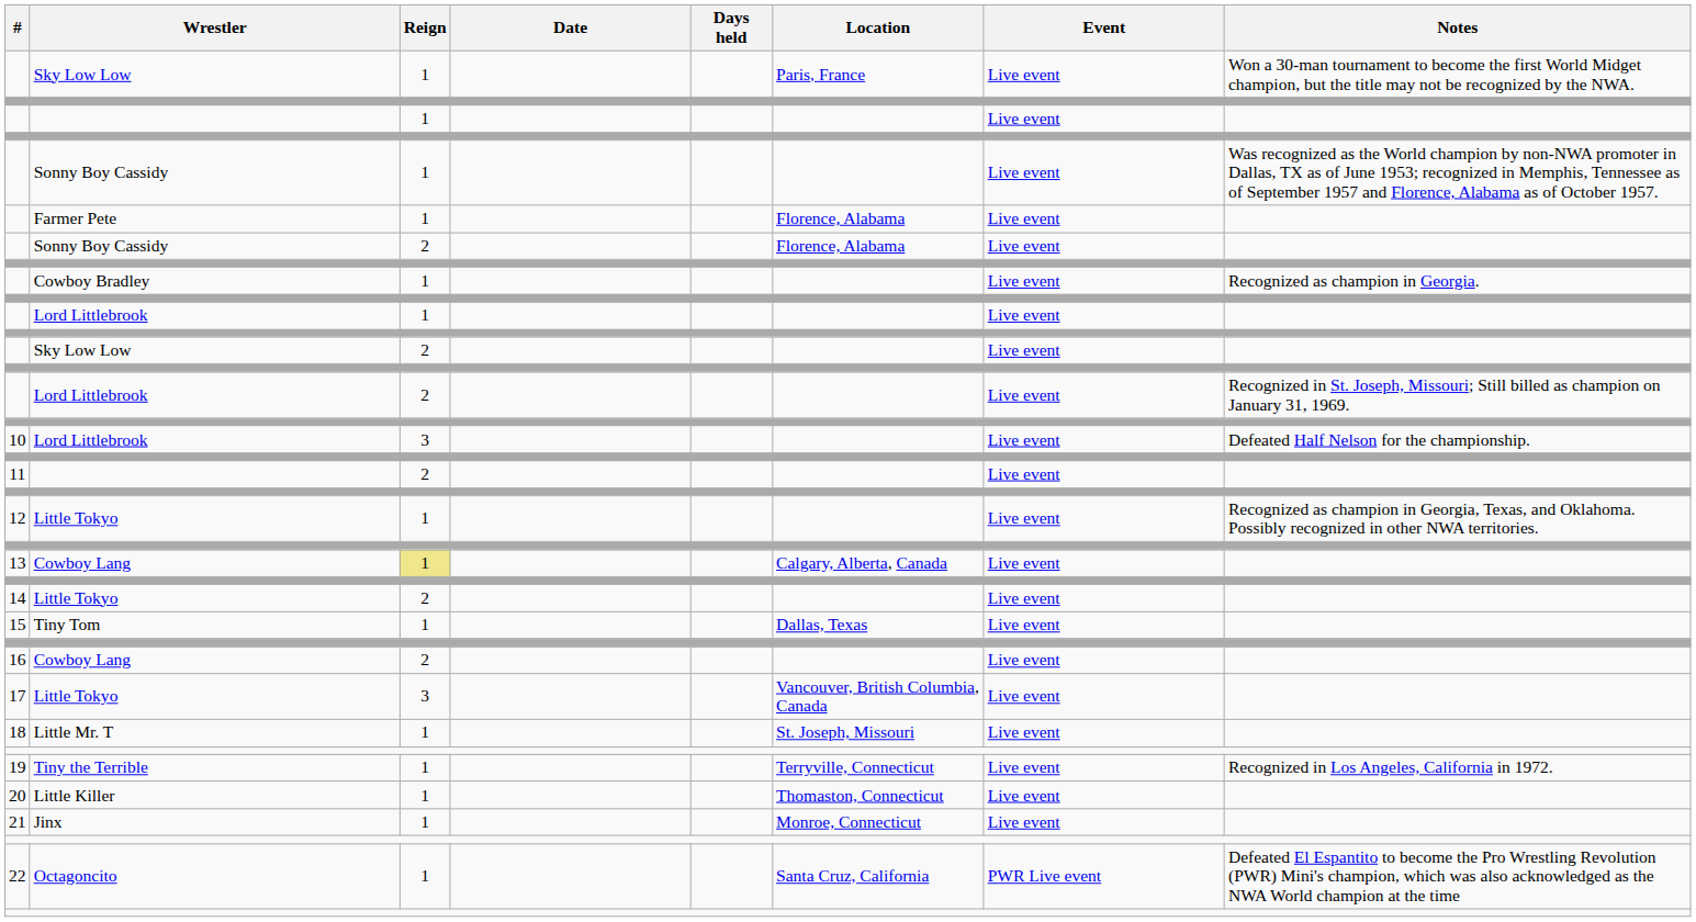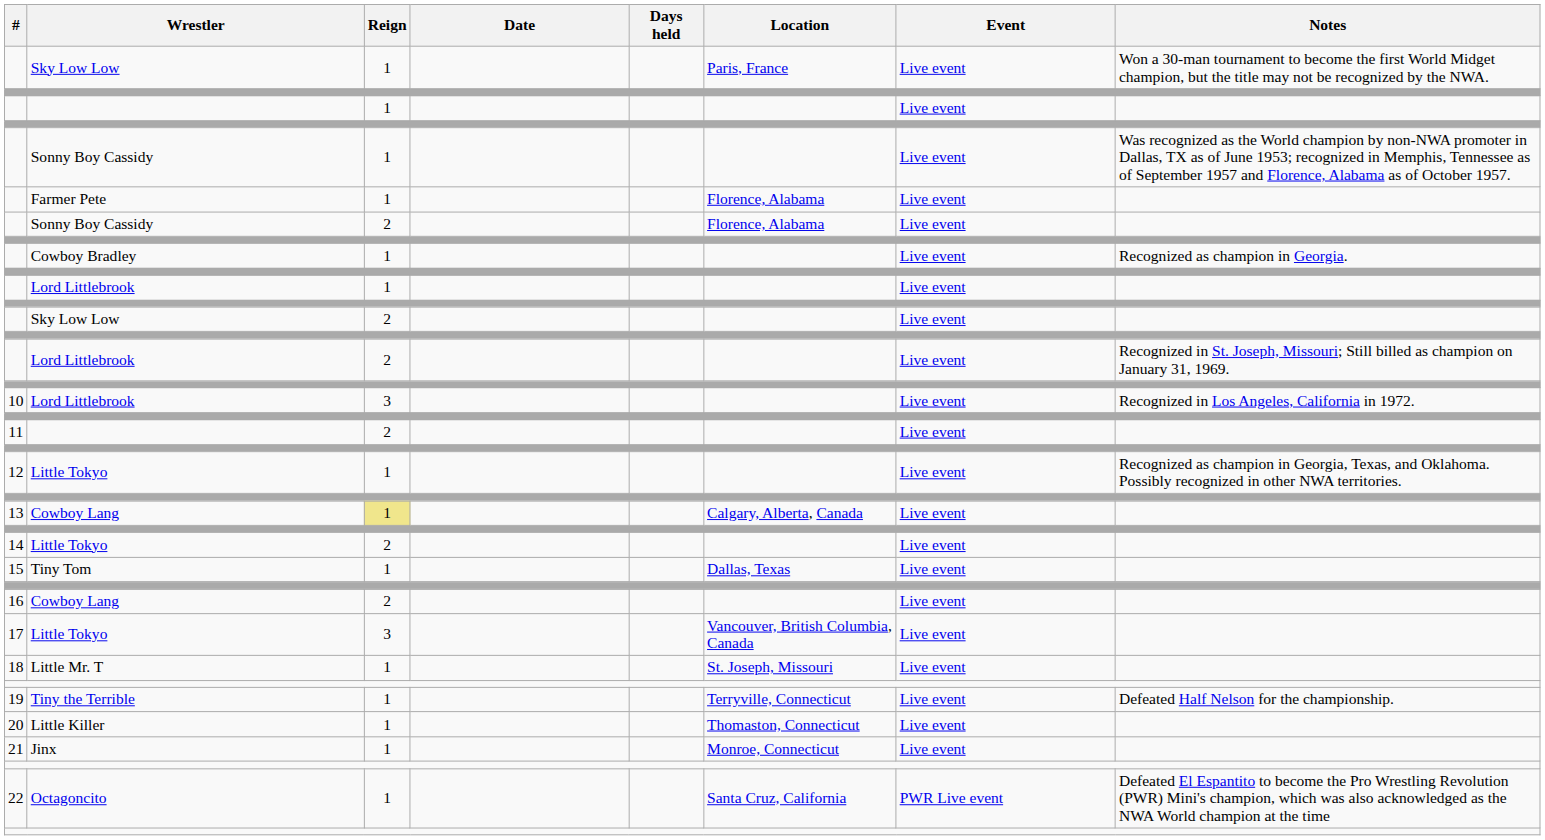 <table class="wikitable sortable" width=100%>
 <tr>
 <th width=0%>#</th>
 <th width=23%>Wrestler</th>
 <th width=0%>Reign</th>
 <th width=15%>Date</th>
 <th width=5%>Days<br>held</th>
 <th width=13%>Location</th>
 <th width=15%>Event</th>
 <th width=40% class="unsortable">Notes</th>
 </tr>
 <tr>
 <td align="center"></td>
 <td><a href='#'>Sky Low Low</a></td>
 <td align="center">1</td>
 <td></td>
 <td align="center"></td>
 <td><a href='#'>Paris, France</a></td>
 <td><a href='#'>Live event</a></td>
 <td>Won a 30-man tournament to become the first World Midget champion, but the title may not be recognized by the NWA.</td>
 </tr>
 <tr>
 <td colspan=8 style="background: #aaaaaa;"></td>
 </tr>
 <tr>
 <td align="center"></td>
 <td></td>
 <td align="center">1</td>
 <td></td>
 <td align="center"></td>
 <td></td>
 <td><a href='#'>Live event</a></td>
 <td></td>
 </tr>
 <tr>
 <td colspan=8 style="background: #aaaaaa;"></td>
 </tr>
 <tr>
 <td align="center"></td>
 <td>Sonny Boy Cassidy</td>
 <td align="center">1</td>
 <td> </td>
 <td align="center"></td>
 <td></td>
 <td><a href='#'>Live event</a></td>
 <td>Was recognized as the World champion by non-NWA promoter in Dallas, TX as of June 1953; recognized in Memphis, Tennessee as of September 1957 and <a href='#'>Florence, Alabama</a> as of October 1957.</td>
 </tr>
 <tr>
 <td align="center"></td>
 <td>Farmer Pete</td>
 <td align="center">1</td>
 <td></td>
 <td align="center"></td>
 <td><a href='#'>Florence, Alabama</a></td>
 <td><a href='#'>Live event</a></td>
 </tr>
 <tr>
 <td align="center"></td>
 <td>Sonny Boy Cassidy</td>
 <td align="center">2</td>
 <td></td>
 <td align="center"></td>
 <td><a href='#'>Florence, Alabama</a></td>
 <td><a href='#'>Live event</a></td>
 <td></td>
 </tr>
 <tr>
 <td colspan=8 style="background: #aaaaaa;"></td>
 </tr>
 <tr>
 <td align="center"></td>
 <td>Cowboy Bradley</td>
 <td align="center">1</td>
 <td></td>
 <td align="center"></td>
 <td></td>
 <td><a href='#'>Live event</a></td>
 <td>Recognized as champion in <a href='#'>Georgia</a>.</td>
 </tr>
 <tr>
 <td colspan=8 style="background: #aaaaaa;"></td>
 </tr>
 <tr>
 <td align="center"></td>
 <td><a href='#'>Lord Littlebrook</a></td>
 <td align="center">1</td>
 <td></td>
 <td align="center"></td>
 <td></td>
 <td><a href='#'>Live event</a></td>
 <td></td>
 </tr>
 <tr>
 <td colspan=8 style="background: #aaaaaa;"></td>
 </tr>
 <tr>
 <td align="center"></td>
 <td>Sky Low Low</td>
 <td align="center">2</td>
 <td> </td>
 <td align="center"></td>
 <td></td>
 <td><a href='#'>Live event</a></td>
 <td></td>
 </tr>
 <tr>
 <td colspan=8 style="background: #aaaaaa;"></td>
 </tr>
 <tr>
 <td align="center"></td>
 <td><a href='#'>Lord Littlebrook</a></td>
 <td align="center">2</td>
 <td> </td>
 <td align="center"></td>
 <td></td>
 <td><a href='#'>Live event</a></td>
 <td>Recognized in <a href='#'>St. Joseph, Missouri</a>; Still billed as champion on January 31, 1969.</td>
 </tr>
 <tr>
 <td colspan=8 style="background: #aaaaaa;"></td>
 </tr>
 <tr>
 <td align="center">10</td>
 <td><a href='#'>Lord Littlebrook</a></td>
 <td align="center">3</td>
 <td> </td>
 <td align="center"></td>
 <td></td>
 <td><a href='#'>Live event</a></td>
-<td>Defeated <a href='#'>Half Nelson</a> for the championship.</td>
+<td>Recognized in <a href='#'>Los Angeles, California</a> in 1972.</td>
 </tr>
 <tr>
 <td colspan=8 style="background: #aaaaaa;"></td>
 </tr>
 <tr>
 <td align="center">11</td>
 <td></td>
 <td align="center">2</td>
 <td> </td>
 <td align="center"></td>
 <td></td>
 <td><a href='#'>Live event</a></td>
 <td></td>
 </tr>
 <tr>
 <td colspan=8 style="background: #aaaaaa;"></td>
 </tr>
 <tr>
 <td align="center">12</td>
 <td><a href='#'>Little Tokyo</a></td>
 <td align="center">1</td>
 <td></td>
 <td align="center"></td>
 <td></td>
 <td><a href='#'>Live event</a></td>
 <td>Recognized as champion in Georgia, Texas, and Oklahoma. Possibly recognized in other NWA territories.</td>
 </tr>
 <tr>
 <td colspan=8 style="background: #aaaaaa;"></td>
 </tr>
 <tr>
 <td align="center">13</td>
 <td><a href='#'>Cowboy Lang</a></td>
 <td align="center" style="background: khaki;">1</td>
 <td></td>
 <td align="center"></td>
 <td><a href='#'>Calgary, Alberta</a>, <a href='#'>Canada</a></td>
 <td><a href='#'>Live event</a></td>
 <td></td>
 </tr>
 <tr>
 <td colspan=8 style="background: #aaaaaa;"></td>
 </tr>
 <tr>
 <td align="center">14</td>
 <td><a href='#'>Little Tokyo</a></td>
 <td align="center">2</td>
 <td></td>
 <td align="center"></td>
 <td></td>
 <td><a href='#'>Live event</a></td>
 <td></td>
 </tr>
 <tr>
 <td align="center">15</td>
 <td>Tiny Tom</td>
 <td align="center">1</td>
 <td></td>
 <td align="center"></td>
 <td><a href='#'>Dallas, Texas</a></td>
 <td><a href='#'>Live event</a></td>
 <td></td>
 </tr>
 <tr>
 <td colspan=8 style="background: #aaaaaa;"></td>
 </tr>
 <tr>
 <td align="center">16</td>
 <td><a href='#'>Cowboy Lang</a></td>
 <td align="center">2</td>
 <td></td>
 <td align="center"></td>
 <td></td>
 <td><a href='#'>Live event</a></td>
 <td></td>
 </tr>
 <tr>
 <td align="center">17</td>
 <td><a href='#'>Little Tokyo</a></td>
 <td align="center">3</td>
 <td></td>
 <td align="center"></td>
 <td><a href='#'>Vancouver, British Columbia</a>, <a href='#'>Canada</a></td>
 <td><a href='#'>Live event</a></td>
 <td></td>
 </tr>
 <tr>
 <td align="center">18</td>
 <td>Little Mr. T</td>
 <td align="center">1</td>
 <td></td>
 <td align="center"></td>
 <td><a href='#'>St. Joseph, Missouri</a></td>
 <td><a href='#'>Live event</a></td>
 <td></td>
 </tr>
 <tr>
 <td colspan="8" style="text-align:center;"></td>
 </tr>
 <tr>
 <td align="center">19</td>
 <td><a href='#'>Tiny the Terrible</a></td>
 <td align="center">1</td>
 <td></td>
 <td align="center"></td>
 <td><a href='#'>Terryville, Connecticut</a></td>
 <td><a href='#'>Live event</a></td>
-<td>Recognized in <a href='#'>Los Angeles, California</a> in 1972.</td>
+<td>Defeated <a href='#'>Half Nelson</a> for the championship.</td>
 </tr>
 <tr>
 <td align="center">20</td>
 <td>Little Killer</td>
 <td align="center">1</td>
 <td></td>
 <td align="center"></td>
 <td><a href='#'>Thomaston, Connecticut</a></td>
 <td><a href='#'>Live event</a></td>
 <td></td>
 </tr>
 <tr>
 <td align="center">21</td>
 <td>Jinx</td>
 <td align="center">1</td>
 <td></td>
 <td align="center"></td>
 <td><a href='#'>Monroe, Connecticut</a></td>
 <td><a href='#'>Live event</a></td>
 <td></td>
 </tr>
 <tr>
 <td colspan="8" style="text-align:center;"></td>
 </tr>
 <tr>
 <td align="center">22</td>
 <td><a href='#'>Octagoncito</a></td>
 <td align="center">1</td>
 <td></td>
 <td align="center"></td>
 <td><a href='#'>Santa Cruz, California</a></td>
 <td><a href='#'>PWR Live event</a></td>
 <td>Defeated <a href='#'>El Espantito</a> to become the Pro Wrestling Revolution (PWR) Mini's champion, which was also acknowledged as the NWA World champion at the time</td>
 </tr>
 <tr>
 <td colspan="8" style="text-align:center;"></td>
 </tr>
 </table>
